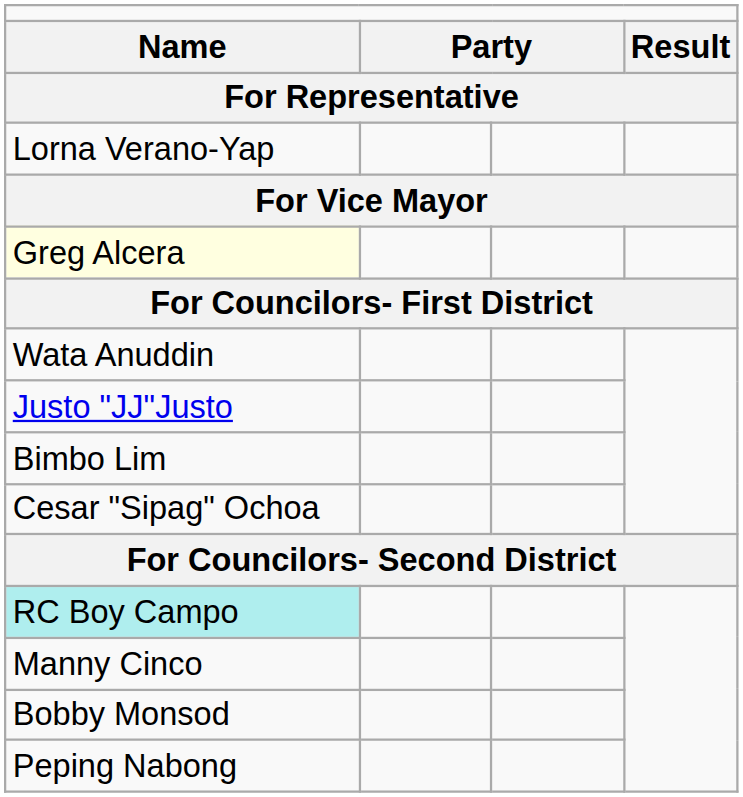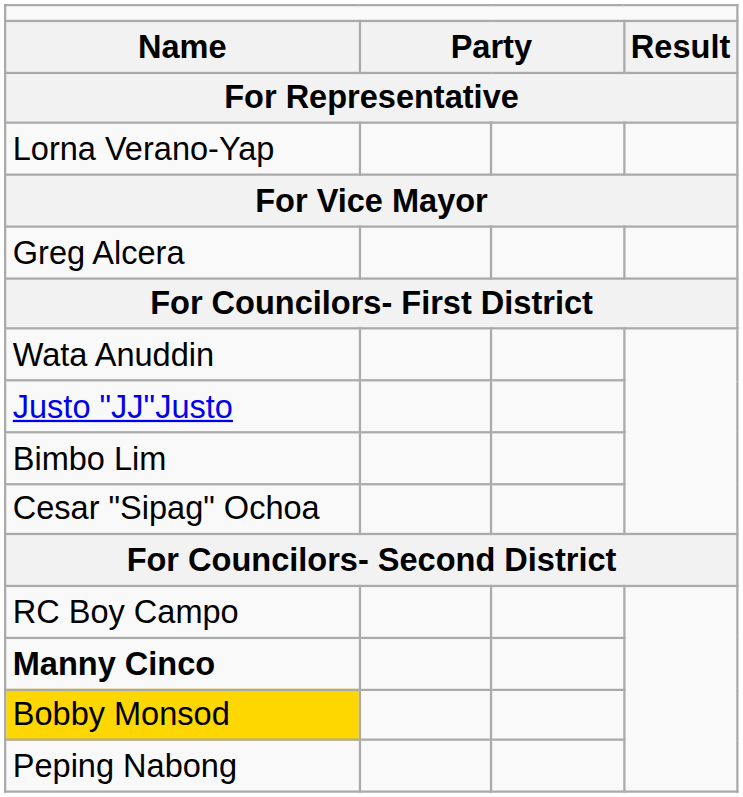 <table class=wikitable style="font-size:90%">
 <tr>
 <td colspan=5 bgcolor=></td>
 </tr>
 <tr>
 <th Width=150px>Name</th>
 <th colspan=2 width=110px>Party</th>
 <th>Result</th>
 </tr>
 <tr>
 <th colspan="4">For Representative</th>
 </tr>
 <tr>
 <td>Lorna Verano-Yap</td>
 <td></td>
 <td></td>
 </tr>
 <tr>
 <th colspan="4">For Vice Mayor</th>
 </tr>
 <tr>
-<td style="background: lightyellow;">Greg Alcera</td>
+<td>Greg Alcera</td>
 <td></td>
 <td></td>
 </tr>
 <tr>
 <th colspan="4">For Councilors- First District</th>
 </tr>
 <tr>
 <td>Wata Anuddin</td>
 <td></td>
 <td></td>
 </tr>
 <tr>
 <td><a href='#'>Justo "JJ"Justo</a></td>
 <td></td>
 <td></td>
 </tr>
 <tr>
 <td>Bimbo Lim</td>
 <td></td>
 <td></td>
 </tr>
 <tr>
 <td>Cesar "Sipag" Ochoa</td>
 <td></td>
 <td></td>
 </tr>
 <tr>
 <th colspan="4">For Councilors- Second District</th>
 </tr>
 <tr>
-<td style="background: paleturquoise;">RC Boy Campo</td>
+<td>RC Boy Campo</td>
 <td></td>
 <td></td>
 </tr>
 <tr>
-<td>Manny Cinco</td>
+<td><strong>Manny Cinco</strong></td>
 <td></td>
 <td></td>
 </tr>
 <tr>
-<td>Bobby Monsod</td>
+<td style="background: gold;">Bobby Monsod</td>
 <td></td>
 <td></td>
 </tr>
 <tr>
 <td>Peping Nabong</td>
 <td></td>
 <td></td>
 </tr>
 </table>
